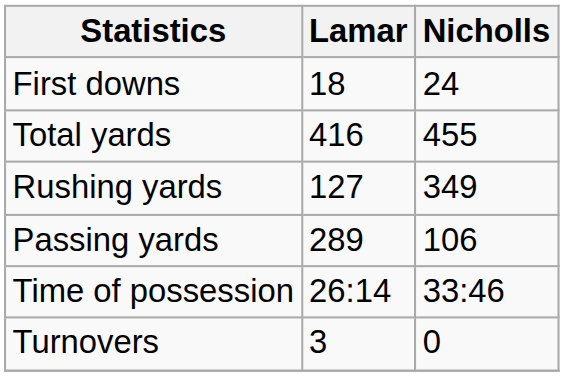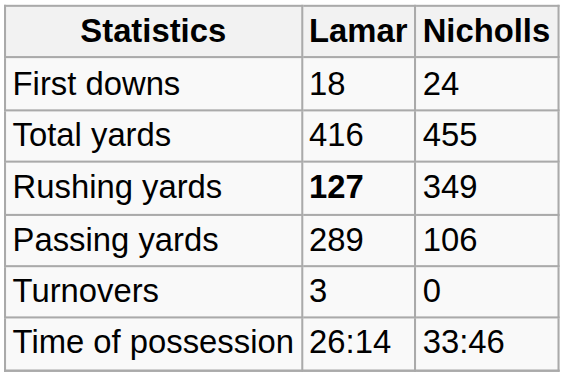 <table class="wikitable" style="float: left;">
 <tr>
 <th>Statistics</th>
 <th><strong>Lamar</strong></th>
 <th><strong>Nicholls</strong></th>
 </tr>
 <tr>
 <td>First downs</td>
 <td>18</td>
 <td>24</td>
 </tr>
 <tr>
 <td>Total yards</td>
 <td>416</td>
 <td>455</td>
 </tr>
 <tr>
 <td>Rushing yards</td>
-<td>127</td>
+<td><strong>127</strong></td>
 <td>349</td>
 </tr>
 <tr>
 <td>Passing yards</td>
 <td>289</td>
 <td>106</td>
 </tr>
 <tr>
+<td>Turnovers</td>
+<td>3</td>
+<td>0</td>
+</tr>
+<tr>
 <td>Time of possession</td>
 <td>26:14</td>
 <td>33:46</td>
 </tr>
 <tr>
-<td>Turnovers</td>
-<td>3</td>
-<td>0</td>
-</tr>
-<tr>
 </tr>
 </table>
